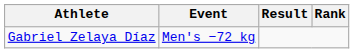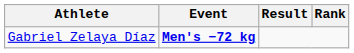 <table class="wikitable" style="font-size:90%">
 <tr>
 <th scope="col">Athlete</th>
 <th scope="col">Event</th>
 <th scope="col">Result</th>
 <th scope="col">Rank</th>
 </tr>
 <tr align=center>
 <td align=left><a href='#'>Gabriel Zelaya Díaz</a></td>
-<td align=left><a href='#'>Men's −72 kg</a></td>
+<td align=left><strong><a href='#'>Men's −72 kg</a></strong></td>
 <td colspan=2></td>
 </tr>
 </table>
